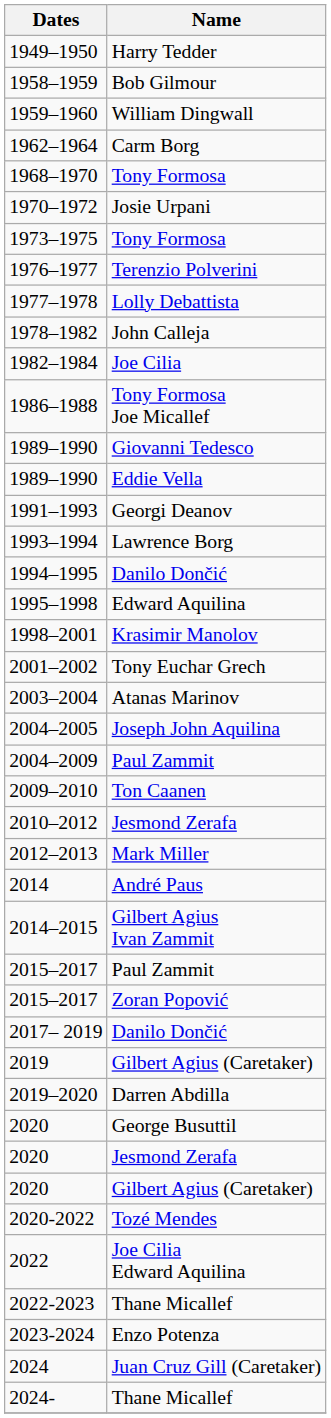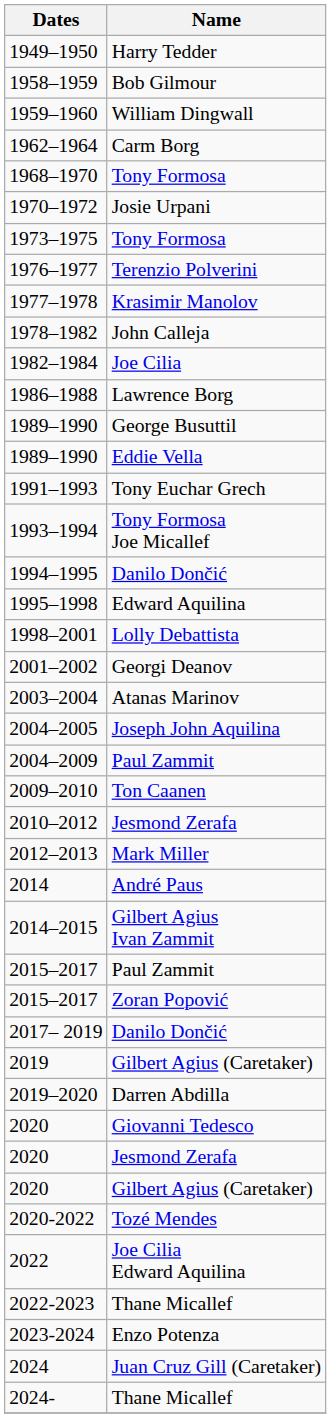 <table class="wikitable">
 <tr>
 <th>Dates</th>
 <th>Name</th>
 </tr>
 <tr>
 <td>1949–1950</td>
 <td> Harry Tedder</td>
 </tr>
 <tr>
 <td>1958–1959</td>
 <td> Bob Gilmour</td>
 </tr>
 <tr>
 <td>1959–1960</td>
 <td> William Dingwall</td>
 </tr>
 <tr>
 <td>1962–1964</td>
 <td> Carm Borg</td>
 </tr>
 <tr>
 <td>1968–1970</td>
 <td> <a href='#'>Tony Formosa</a></td>
 </tr>
 <tr>
 <td>1970–1972</td>
 <td> Josie Urpani</td>
 </tr>
 <tr>
 <td>1973–1975</td>
 <td> <a href='#'>Tony Formosa</a></td>
 </tr>
 <tr>
 <td>1976–1977</td>
 <td> <a href='#'>Terenzio Polverini</a></td>
 </tr>
 <tr>
 <td>1977–1978</td>
-<td> <a href='#'>Lolly Debattista</a></td>
+<td> <a href='#'>Krasimir Manolov</a></td>
 </tr>
 <tr>
 <td>1978–1982</td>
 <td> John Calleja</td>
 </tr>
 <tr>
 <td>1982–1984</td>
 <td> <a href='#'>Joe Cilia</a></td>
 </tr>
 <tr>
 <td>1986–1988</td>
-<td> <a href='#'>Tony Formosa</a><br> Joe Micallef</td>
+<td> Lawrence Borg</td>
 </tr>
 <tr>
 <td>1989–1990</td>
-<td> <a href='#'>Giovanni Tedesco</a></td>
+<td> George Busuttil</td>
 </tr>
 <tr>
 <td>1989–1990</td>
 <td> <a href='#'>Eddie Vella</a></td>
 </tr>
 <tr>
 <td>1991–1993</td>
-<td> Georgi Deanov</td>
+<td> Tony Euchar Grech</td>
 </tr>
 <tr>
 <td>1993–1994</td>
-<td> Lawrence Borg</td>
+<td> <a href='#'>Tony Formosa</a><br> Joe Micallef</td>
 </tr>
 <tr>
 <td>1994–1995</td>
 <td> <a href='#'>Danilo Dončić</a></td>
 </tr>
 <tr>
 <td>1995–1998</td>
 <td> Edward Aquilina</td>
 </tr>
 <tr>
 <td>1998–2001</td>
-<td> <a href='#'>Krasimir Manolov</a></td>
+<td> <a href='#'>Lolly Debattista</a></td>
 </tr>
 <tr>
 <td>2001–2002</td>
-<td> Tony Euchar Grech</td>
+<td> Georgi Deanov</td>
 </tr>
 <tr>
 <td>2003–2004</td>
 <td> Atanas Marinov</td>
 </tr>
 <tr>
 <td>2004–2005</td>
 <td> <a href='#'>Joseph John Aquilina</a></td>
 </tr>
 <tr>
 <td>2004–2009</td>
 <td> <a href='#'>Paul Zammit</a></td>
 </tr>
 <tr>
 <td>2009–2010</td>
 <td> <a href='#'>Ton Caanen</a></td>
 </tr>
 <tr>
 <td>2010–2012</td>
 <td> <a href='#'>Jesmond Zerafa</a></td>
 </tr>
 <tr>
 <td>2012–2013</td>
 <td> <a href='#'>Mark Miller</a></td>
 </tr>
 <tr>
 <td>2014</td>
 <td> <a href='#'>André Paus</a></td>
 </tr>
 <tr>
 <td>2014–2015</td>
 <td> <a href='#'>Gilbert Agius</a><br> <a href='#'>Ivan Zammit</a></td>
 </tr>
 <tr>
 <td>2015–2017</td>
 <td> Paul Zammit</td>
 </tr>
 <tr>
 <td>2015–2017</td>
 <td> <a href='#'>Zoran Popović</a></td>
 </tr>
 <tr>
 <td>2017– 2019</td>
 <td> <a href='#'>Danilo Dončić</a></td>
 </tr>
 <tr>
 <td>2019</td>
 <td> <a href='#'>Gilbert Agius</a> (Caretaker)</td>
 </tr>
 <tr>
 <td>2019–2020</td>
 <td> Darren Abdilla</td>
 </tr>
 <tr>
 <td>2020</td>
-<td> George Busuttil</td>
+<td> <a href='#'>Giovanni Tedesco</a></td>
 </tr>
 <tr>
 <td>2020</td>
 <td> <a href='#'>Jesmond Zerafa</a></td>
 </tr>
 <tr>
 <td>2020</td>
 <td> <a href='#'>Gilbert Agius</a> (Caretaker)</td>
 </tr>
 <tr>
 <td>2020-2022</td>
 <td> <a href='#'>Tozé Mendes</a></td>
 </tr>
 <tr>
 <td>2022</td>
 <td> <a href='#'>Joe Cilia</a><br> Edward Aquilina</td>
 </tr>
 <tr>
 <td>2022-2023</td>
 <td> Thane Micallef</td>
 </tr>
 <tr>
 <td>2023-2024</td>
 <td> Enzo Potenza</td>
 </tr>
 <tr>
 <td>2024</td>
 <td> <a href='#'>Juan Cruz Gill</a> (Caretaker)</td>
 </tr>
 <tr>
 <td>2024-</td>
 <td> Thane Micallef</td>
 </tr>
 <tr>
 </tr>
 </table>
